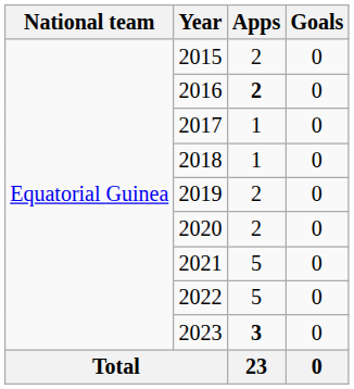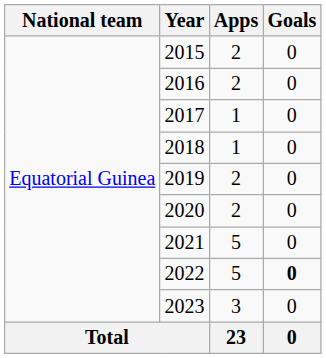 <table class="wikitable" style="text-align:center">
 <tr>
 <th>National team</th>
 <th>Year</th>
 <th>Apps</th>
 <th>Goals</th>
 </tr>
 <tr>
 <td rowspan="9"><a href='#'>Equatorial Guinea</a></td>
 <td>2015</td>
 <td>2</td>
 <td>0</td>
 </tr>
 <tr>
 <td>2016</td>
-<td><strong>2</strong></td>
+<td>2</td>
 <td>0</td>
 </tr>
 <tr>
 <td>2017</td>
 <td>1</td>
 <td>0</td>
 </tr>
 <tr>
 <td>2018</td>
 <td>1</td>
 <td>0</td>
 </tr>
 <tr>
 <td>2019</td>
 <td>2</td>
 <td>0</td>
 </tr>
 <tr>
 <td>2020</td>
 <td>2</td>
 <td>0</td>
 </tr>
 <tr>
 <td>2021</td>
 <td>5</td>
 <td>0</td>
 </tr>
 <tr>
 <td>2022</td>
 <td>5</td>
-<td>0</td>
+<td><strong>0</strong></td>
 </tr>
 <tr>
 <td>2023</td>
-<td><strong>3</strong></td>
+<td>3</td>
 <td>0</td>
 </tr>
 <tr>
 <th colspan="2">Total</th>
 <th>23</th>
 <th>0</th>
 </tr>
 </table>
